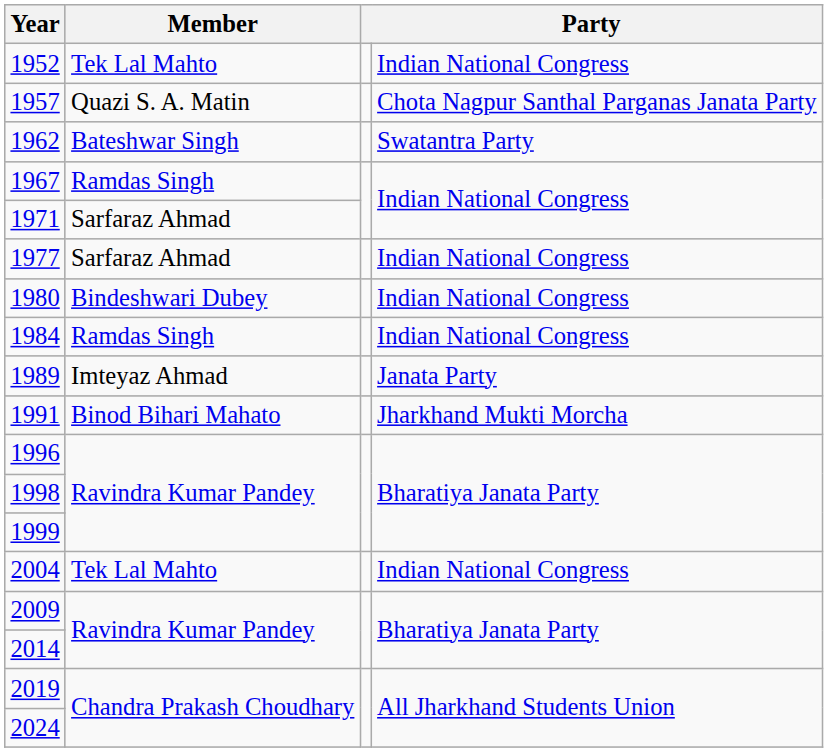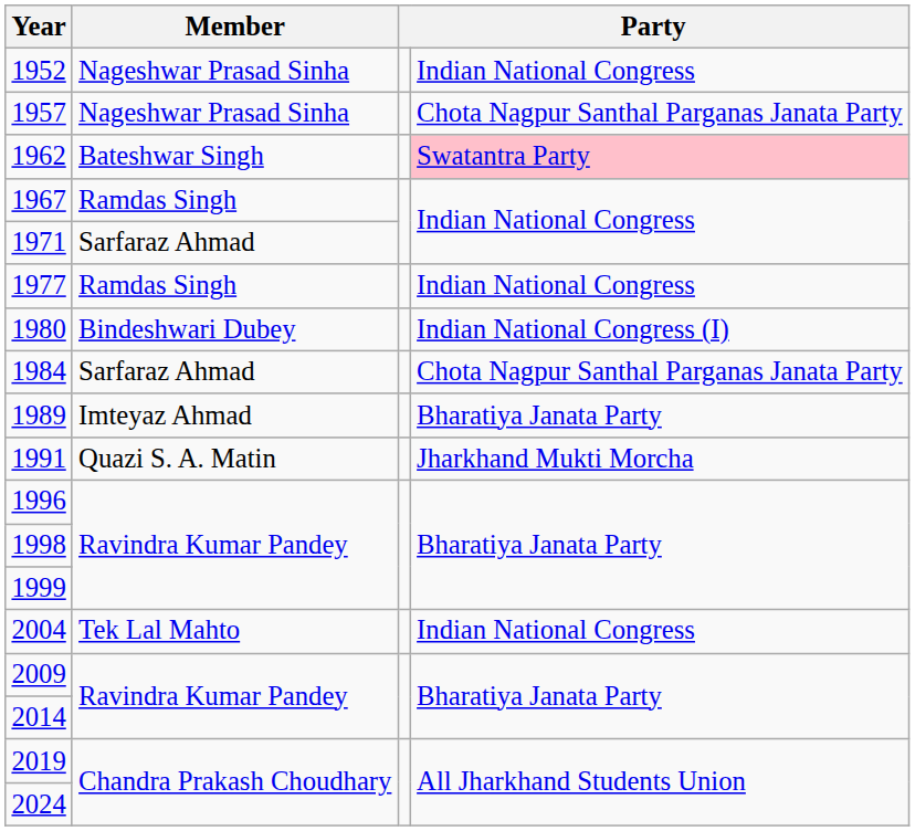 <table class="wikitable">
 <tr>
 <th>Year</th>
 <th>Member</th>
 <th colspan="2">Party</th>
 </tr>
 <tr>
 <td><a href='#'>1952</a></td>
-<td><a href='#'>Tek Lal Mahto</a></td>
+<td><a href='#'>Nageshwar Prasad Sinha</a></td>
 <td style="background-color: "></td>
 <td><a href='#'>Indian National Congress</a></td>
 </tr>
 <tr>
 <td><a href='#'>1957</a></td>
-<td>Quazi S. A. Matin</td>
+<td><a href='#'>Nageshwar Prasad Sinha</a></td>
 <td style="background-color: "></td>
 <td><a href='#'>Chota Nagpur Santhal Parganas Janata Party</a></td>
 </tr>
 <tr>
 <td><a href='#'>1962</a></td>
 <td><a href='#'>Bateshwar Singh</a></td>
 <td style="background-color: "></td>
-<td><a href='#'>Swatantra Party</a></td>
+<td style="background: pink;"><a href='#'>Swatantra Party</a></td>
 </tr>
 <tr>
 <td><a href='#'>1967</a></td>
 <td><a href='#'>Ramdas Singh</a></td>
 <td rowspan="2" style="background-color: "></td>
 <td rowspan="2"><a href='#'>Indian National Congress</a></td>
 </tr>
 <tr>
 <td><a href='#'>1971</a></td>
 <td>Sarfaraz Ahmad</td>
 </tr>
 <tr>
 <td><a href='#'>1977</a></td>
-<td>Sarfaraz Ahmad</td>
+<td><a href='#'>Ramdas Singh</a></td>
 <td style="background-color: "></td>
 <td><a href='#'>Indian National Congress</a></td>
 </tr>
 <tr>
 <td><a href='#'>1980</a></td>
 <td><a href='#'>Bindeshwari Dubey</a></td>
 <td style="background-color: "></td>
-<td><a href='#'>Indian National Congress</a></td>
+<td><a href='#'>Indian National Congress (I)</a></td>
 </tr>
 <tr>
 <td><a href='#'>1984</a></td>
-<td><a href='#'>Ramdas Singh</a></td>
+<td>Sarfaraz Ahmad</td>
 <td style="background-color: "></td>
-<td><a href='#'>Indian National Congress</a></td>
+<td><a href='#'>Chota Nagpur Santhal Parganas Janata Party</a></td>
 </tr>
 <tr>
 <td><a href='#'>1989</a></td>
 <td>Imteyaz Ahmad</td>
 <td style="background-color: "></td>
-<td><a href='#'>Janata Party</a></td>
+<td><a href='#'>Bharatiya Janata Party</a></td>
 </tr>
 <tr>
 <td><a href='#'>1991</a></td>
-<td><a href='#'>Binod Bihari Mahato</a></td>
+<td>Quazi S. A. Matin</td>
 <td style="background-color: "></td>
 <td><a href='#'>Jharkhand Mukti Morcha</a></td>
 </tr>
 <tr>
 <td><a href='#'>1996</a></td>
 <td rowspan="3"><a href='#'>Ravindra Kumar Pandey</a></td>
 <td rowspan="3" style="background-color: "></td>
 <td rowspan="3"><a href='#'>Bharatiya Janata Party</a></td>
 </tr>
 <tr>
 <td><a href='#'>1998</a></td>
 </tr>
 <tr>
 <td><a href='#'>1999</a></td>
 </tr>
 <tr>
 <td><a href='#'>2004</a></td>
 <td><a href='#'>Tek Lal Mahto</a></td>
 <td style="background-color: "></td>
 <td><a href='#'>Indian National Congress</a></td>
 </tr>
 <tr>
 <td><a href='#'>2009</a></td>
 <td rowspan="2"><a href='#'>Ravindra Kumar Pandey</a></td>
 <td rowspan="2" style="background-color: "></td>
 <td rowspan="2"><a href='#'>Bharatiya Janata Party</a></td>
 </tr>
 <tr>
 <td><a href='#'>2014</a></td>
 </tr>
 <tr>
 <td><a href='#'>2019</a></td>
 <td rowspan="2"><a href='#'>Chandra Prakash Choudhary</a></td>
 <td rowspan="2" style="background-color: "></td>
 <td rowspan="2"><a href='#'>All Jharkhand Students Union</a></td>
 </tr>
 <tr>
 <td><a href='#'>2024</a></td>
 </tr>
 </table>
